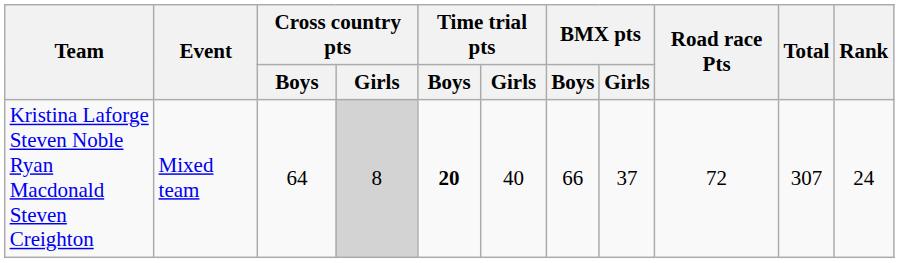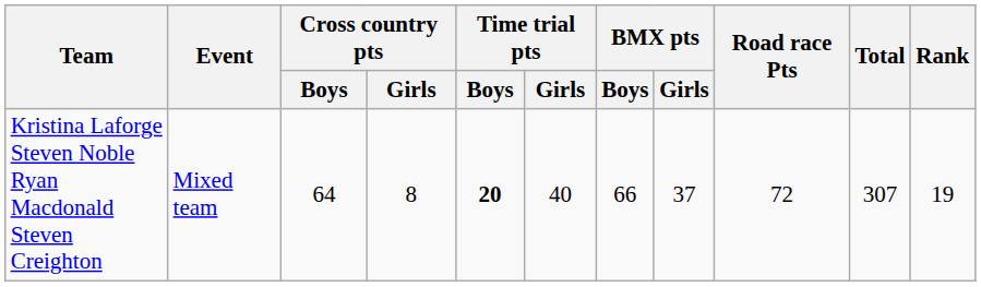 <table class="wikitable" border="1" style="font-size:90%">
 <tr>
 <th rowspan=2>Team</th>
 <th rowspan=2>Event</th>
 <th colspan=2>Cross country pts</th>
 <th colspan=2>Time trial pts</th>
 <th colspan=2>BMX pts</th>
 <th rowspan=2>Road race Pts</th>
 <th rowspan=2>Total</th>
 <th rowspan=2>Rank</th>
 </tr>
 <tr>
 <th>Boys</th>
 <th>Girls</th>
 <th>Boys</th>
 <th>Girls</th>
 <th>Boys</th>
 <th>Girls</th>
 </tr>
 <tr>
 <td><a href='#'>Kristina Laforge</a><br><a href='#'>Steven Noble</a><br><a href='#'>Ryan Macdonald</a><br><a href='#'>Steven Creighton</a></td>
 <td><a href='#'>Mixed team</a></td>
 <td align=center>64</td>
-<td align=center style="background: lightgrey;">8</td>
+<td align=center>8</td>
 <td align=center><strong>20</strong></td>
 <td align=center>40</td>
 <td align=center>66</td>
 <td align=center>37</td>
 <td align=center>72</td>
 <td align=center>307</td>
-<td align=center>24</td>
+<td align=center>19</td>
 </tr>
 </table>
